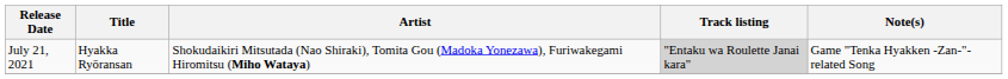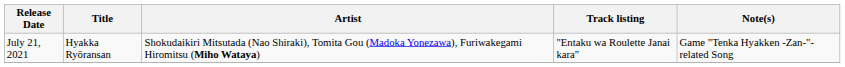 <table class="wikitable sortable">
 <tr>
 <th>Release Date</th>
 <th>Title</th>
 <th>Artist</th>
 <th>Track listing</th>
 <th>Note(s)</th>
 </tr>
 <tr>
 <td>July 21, 2021</td>
 <td>Hyakka Ryōransan</td>
 <td>Shokudaikiri Mitsutada (Nao Shiraki), Tomita Gou (<a href='#'>Madoka Yonezawa</a>), Furiwakegami Hiromitsu (<strong>Miho Wataya</strong>)</td>
-<td style="background: lightgrey;">"Entaku wa Roulette Janai kara"</td>
+<td>"Entaku wa Roulette Janai kara"</td>
 <td>Game "Tenka Hyakken -Zan-"-related Song</td>
 </tr>
 <tr>
 </tr>
 </table>
